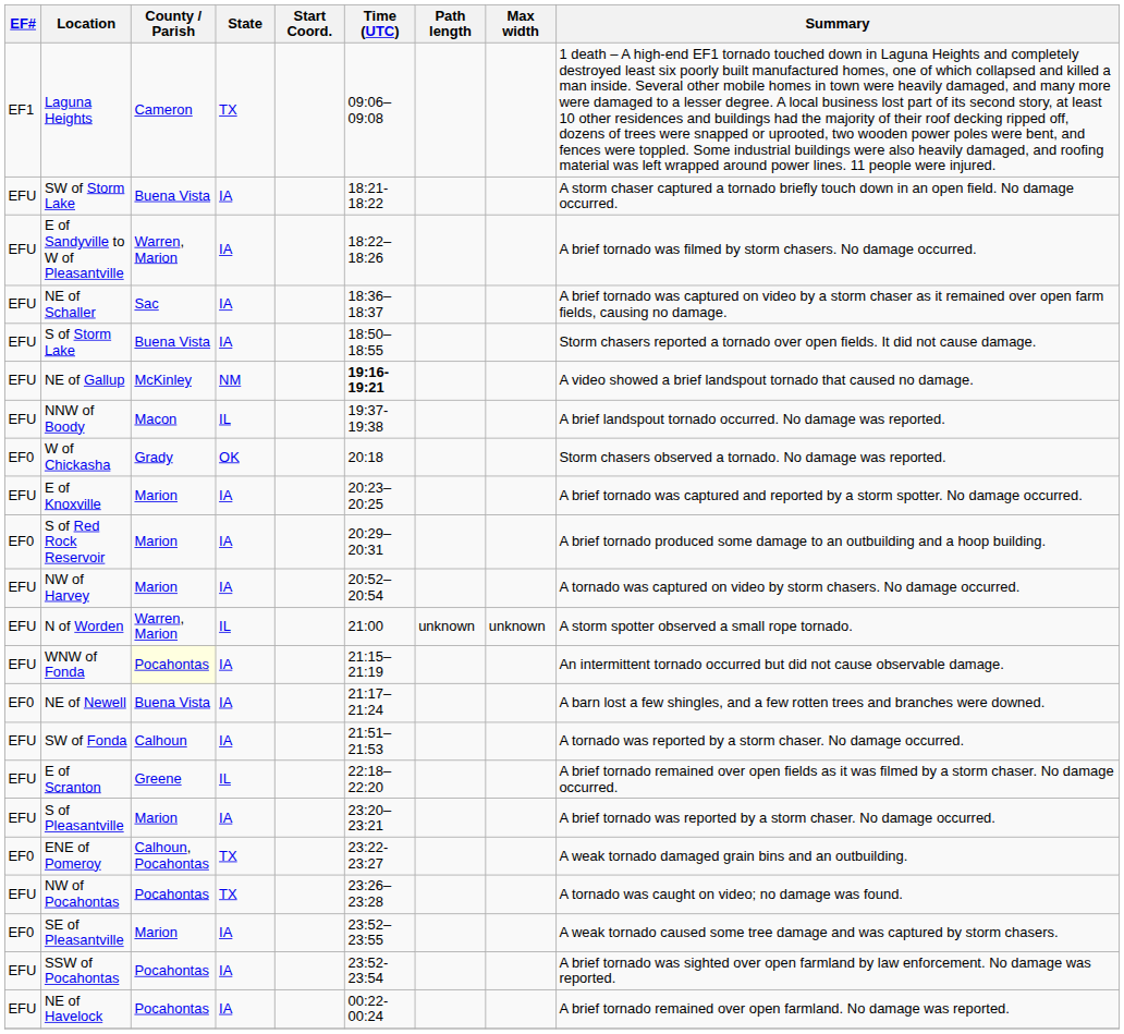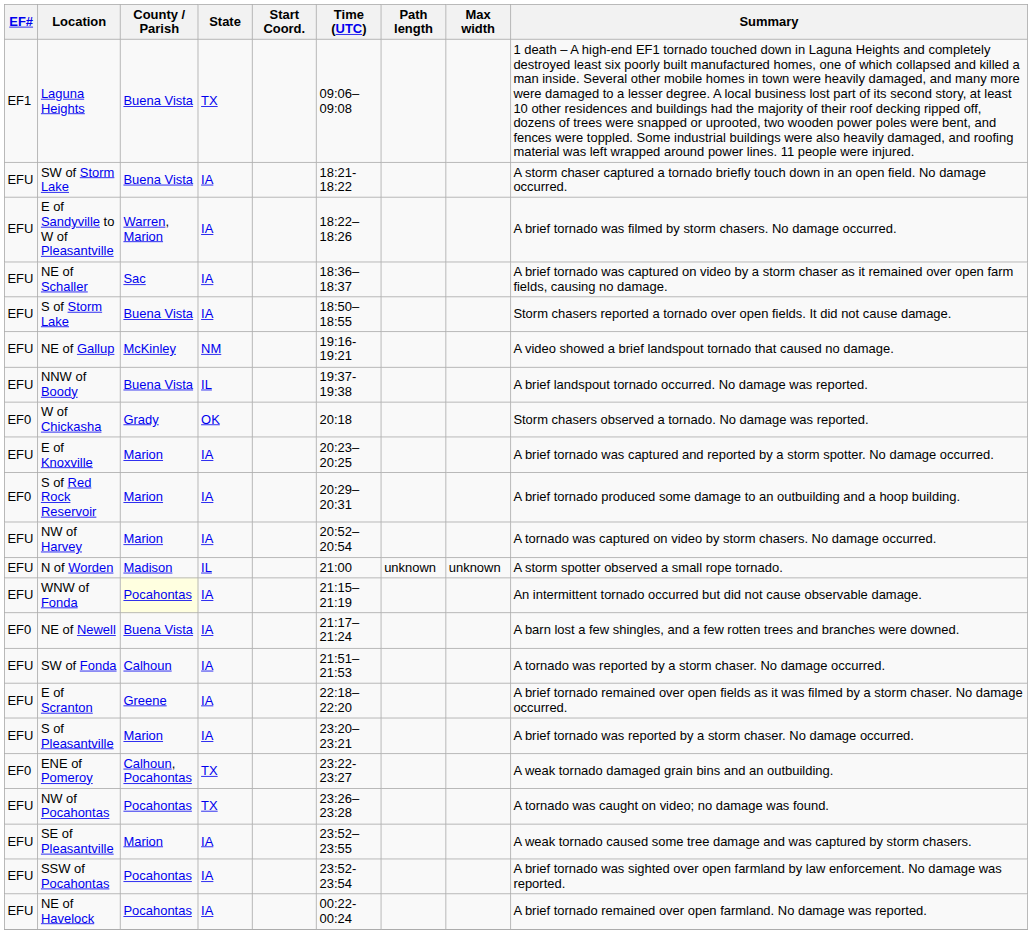 <table class="wikitable sortable" style="width:100%;">
 <tr>
 <th scope="col"  style="width:3%; text-align:center;"><a href='#'>EF#</a></th>
 <th scope="col"  style="width:7%; text-align:center;" class="unsortable">Location</th>
 <th scope="col"  style="width:6%; text-align:center;" class="unsortable">County / Parish</th>
 <th scope="col"  style="width:5%; text-align:center;">State</th>
 <th scope="col"  style="width:6%; text-align:center;">Start Coord.</th>
 <th scope="col"  style="width:6%; text-align:center;">Time (<a href='#'>UTC</a>)</th>
 <th scope="col"  style="width:6%; text-align:center;">Path length</th>
 <th scope="col"  style="width:6%; text-align:center;">Max width</th>
 <th scope="col" class="unsortable" style="width:48%; text-align:center;">Summary</th>
 </tr>
 <tr>
 <td>EF1</td>
 <td><a href='#'>Laguna Heights</a></td>
-<td><a href='#'>Cameron</a></td>
+<td><a href='#'>Buena Vista</a></td>
 <td><a href='#'>TX</a></td>
 <td></td>
 <td>09:06–09:08</td>
 <td></td>
 <td></td>
 <td>1 death – A high-end EF1 tornado touched down in Laguna Heights and completely destroyed least six poorly built manufactured homes, one of which collapsed and killed a man inside. Several other mobile homes in town were heavily damaged, and many more were damaged to a lesser degree. A local business lost part of its second story, at least 10 other residences and buildings had the majority of their roof decking ripped off, dozens of trees were snapped or uprooted, two wooden power poles were bent, and fences were toppled. Some industrial buildings were also heavily damaged, and roofing material was left wrapped around power lines. 11 people were injured.</td>
 </tr>
 <tr>
 <td>EFU</td>
 <td>SW of <a href='#'>Storm Lake</a></td>
 <td><a href='#'>Buena Vista</a></td>
 <td><a href='#'>IA</a></td>
 <td></td>
 <td>18:21-18:22</td>
 <td></td>
 <td></td>
 <td>A storm chaser captured a tornado briefly touch down in an open field. No damage occurred.</td>
 </tr>
 <tr>
 <td>EFU</td>
 <td>E of <a href='#'>Sandyville</a> to W of <a href='#'>Pleasantville</a></td>
 <td><a href='#'>Warren</a>, <a href='#'>Marion</a></td>
 <td><a href='#'>IA</a></td>
 <td></td>
 <td>18:22–18:26</td>
 <td></td>
 <td></td>
 <td>A brief tornado was filmed by storm chasers. No damage occurred.</td>
 </tr>
 <tr>
 <td>EFU</td>
 <td>NE of <a href='#'>Schaller</a></td>
 <td><a href='#'>Sac</a></td>
 <td><a href='#'>IA</a></td>
 <td></td>
 <td>18:36–18:37</td>
 <td></td>
 <td></td>
 <td>A brief tornado was captured on video by a storm chaser as it remained over open farm fields, causing no damage.</td>
 </tr>
 <tr>
 <td>EFU</td>
 <td>S of <a href='#'>Storm Lake</a></td>
 <td><a href='#'>Buena Vista</a></td>
 <td><a href='#'>IA</a></td>
 <td></td>
 <td>18:50–18:55</td>
 <td></td>
 <td></td>
 <td>Storm chasers reported a tornado over open fields. It did not cause damage.</td>
 </tr>
 <tr>
 <td>EFU</td>
 <td>NE of <a href='#'>Gallup</a></td>
 <td><a href='#'>McKinley</a></td>
 <td><a href='#'>NM</a></td>
 <td></td>
-<td><strong>19:16-19:21</strong></td>
+<td>19:16-19:21</td>
 <td></td>
 <td></td>
 <td>A video showed a brief landspout tornado that caused no damage.</td>
 </tr>
 <tr>
 <td>EFU</td>
 <td>NNW of <a href='#'>Boody</a></td>
-<td><a href='#'>Macon</a></td>
+<td><a href='#'>Buena Vista</a></td>
 <td><a href='#'>IL</a></td>
 <td></td>
 <td>19:37-19:38</td>
 <td></td>
 <td></td>
 <td>A brief landspout tornado occurred. No damage was reported.</td>
 </tr>
 <tr>
 <td>EF0</td>
 <td>W of <a href='#'>Chickasha</a></td>
 <td><a href='#'>Grady</a></td>
 <td><a href='#'>OK</a></td>
 <td></td>
 <td>20:18</td>
 <td></td>
 <td></td>
 <td>Storm chasers observed a tornado. No damage was reported.</td>
 </tr>
 <tr>
 <td>EFU</td>
 <td>E of <a href='#'>Knoxville</a></td>
 <td><a href='#'>Marion</a></td>
 <td><a href='#'>IA</a></td>
 <td></td>
 <td>20:23–20:25</td>
 <td></td>
 <td></td>
 <td>A brief tornado was captured and reported by a storm spotter. No damage occurred.</td>
 </tr>
 <tr>
 <td>EF0</td>
 <td>S of <a href='#'>Red Rock Reservoir</a></td>
 <td><a href='#'>Marion</a></td>
 <td><a href='#'>IA</a></td>
 <td></td>
 <td>20:29–20:31</td>
 <td></td>
 <td></td>
 <td>A brief tornado produced some damage to an outbuilding and a hoop building.</td>
 </tr>
 <tr>
 <td>EFU</td>
 <td>NW of <a href='#'>Harvey</a></td>
 <td><a href='#'>Marion</a></td>
 <td><a href='#'>IA</a></td>
 <td></td>
 <td>20:52–20:54</td>
 <td></td>
 <td></td>
 <td>A tornado was captured on video by storm chasers. No damage occurred.</td>
 </tr>
 <tr>
 <td>EFU</td>
 <td>N of <a href='#'>Worden</a></td>
-<td><a href='#'>Warren</a>, <a href='#'>Marion</a></td>
+<td><a href='#'>Madison</a></td>
 <td><a href='#'>IL</a></td>
 <td></td>
 <td>21:00</td>
 <td>unknown</td>
 <td>unknown</td>
 <td>A storm spotter observed a small rope tornado.</td>
 </tr>
 <tr>
 <td>EFU</td>
 <td>WNW of <a href='#'>Fonda</a></td>
 <td style="background: lightyellow;"><a href='#'>Pocahontas</a></td>
 <td><a href='#'>IA</a></td>
 <td></td>
 <td>21:15–21:19</td>
 <td></td>
 <td></td>
 <td>An intermittent tornado occurred but did not cause observable damage.</td>
 </tr>
 <tr>
 <td>EF0</td>
 <td>NE of <a href='#'>Newell</a></td>
 <td><a href='#'>Buena Vista</a></td>
 <td><a href='#'>IA</a></td>
 <td></td>
 <td>21:17–21:24</td>
 <td></td>
 <td></td>
 <td>A barn lost a few shingles, and a few rotten trees and branches were downed.</td>
 </tr>
 <tr>
 <td>EFU</td>
 <td>SW of <a href='#'>Fonda</a></td>
 <td><a href='#'>Calhoun</a></td>
 <td><a href='#'>IA</a></td>
 <td></td>
 <td>21:51–21:53</td>
 <td></td>
 <td></td>
 <td>A tornado was reported by a storm chaser. No damage occurred.</td>
 </tr>
 <tr>
 <td>EFU</td>
 <td>E of <a href='#'>Scranton</a></td>
 <td><a href='#'>Greene</a></td>
-<td><a href='#'>IL</a></td>
+<td><a href='#'>IA</a></td>
 <td></td>
 <td>22:18–22:20</td>
 <td></td>
 <td></td>
 <td>A brief tornado remained over open fields as it was filmed by a storm chaser. No damage occurred.</td>
 </tr>
 <tr>
 <td>EFU</td>
 <td>S of <a href='#'>Pleasantville</a></td>
 <td><a href='#'>Marion</a></td>
 <td><a href='#'>IA</a></td>
 <td></td>
 <td>23:20–23:21</td>
 <td></td>
 <td></td>
 <td>A brief tornado was reported by a storm chaser. No damage occurred.</td>
 </tr>
 <tr>
 <td>EF0</td>
 <td>ENE of <a href='#'>Pomeroy</a></td>
 <td><a href='#'>Calhoun</a>, <a href='#'>Pocahontas</a></td>
 <td><a href='#'>TX</a></td>
 <td></td>
 <td>23:22-23:27</td>
 <td></td>
 <td></td>
 <td>A weak tornado damaged grain bins and an outbuilding.</td>
 </tr>
 <tr>
 <td>EFU</td>
 <td>NW of <a href='#'>Pocahontas</a></td>
 <td><a href='#'>Pocahontas</a></td>
 <td><a href='#'>TX</a></td>
 <td></td>
 <td>23:26–23:28</td>
 <td></td>
 <td></td>
 <td>A tornado was caught on video; no damage was found.</td>
 </tr>
 <tr>
-<td>EF0</td>
+<td>EFU</td>
 <td>SE of <a href='#'>Pleasantville</a></td>
 <td><a href='#'>Marion</a></td>
 <td><a href='#'>IA</a></td>
 <td></td>
 <td>23:52–23:55</td>
 <td></td>
 <td></td>
 <td>A weak tornado caused some tree damage and was captured by storm chasers.</td>
 </tr>
 <tr>
 <td>EFU</td>
 <td>SSW of <a href='#'>Pocahontas</a></td>
 <td><a href='#'>Pocahontas</a></td>
 <td><a href='#'>IA</a></td>
 <td></td>
 <td>23:52-23:54</td>
 <td></td>
 <td></td>
 <td>A brief tornado was sighted over open farmland by law enforcement. No damage was reported.</td>
 </tr>
 <tr>
 <td>EFU</td>
 <td>NE of <a href='#'>Havelock</a></td>
 <td><a href='#'>Pocahontas</a></td>
 <td><a href='#'>IA</a></td>
 <td></td>
 <td>00:22-00:24</td>
 <td></td>
 <td></td>
 <td>A brief tornado remained over open farmland. No damage was reported.</td>
 </tr>
 <tr>
 </tr>
 </table>
